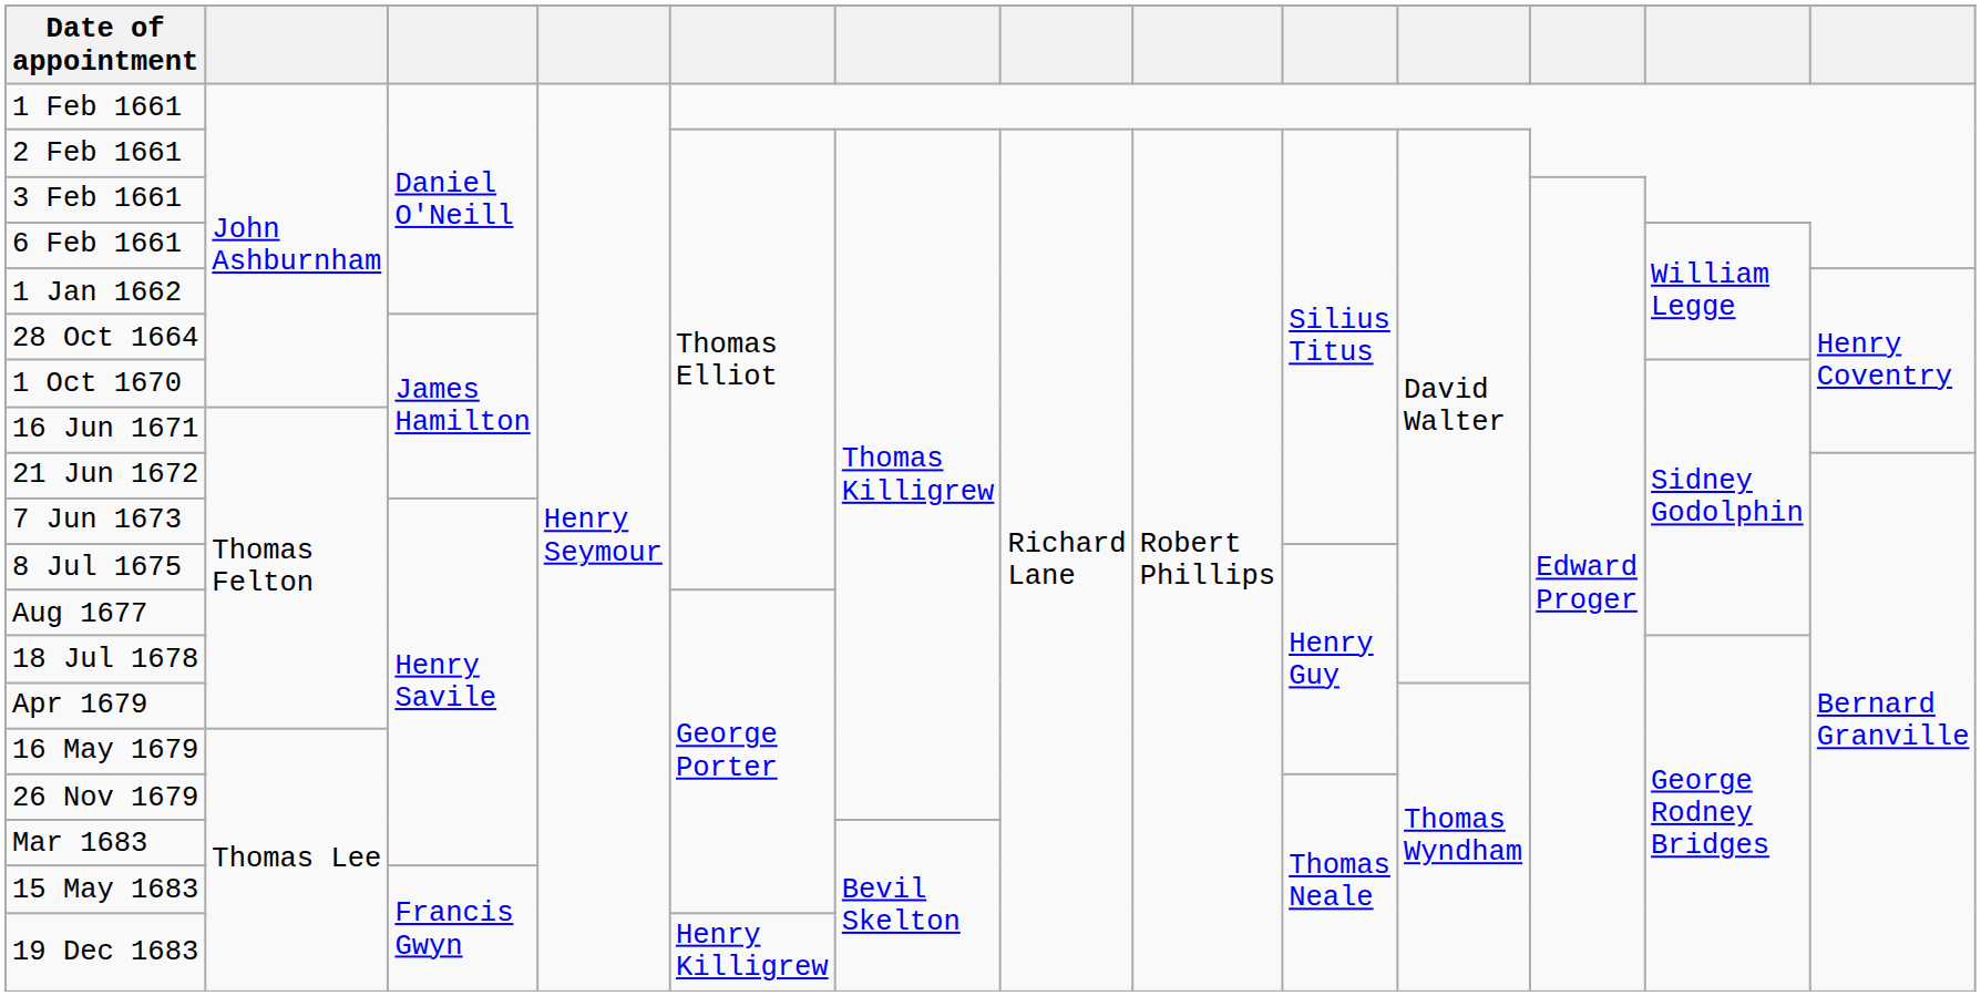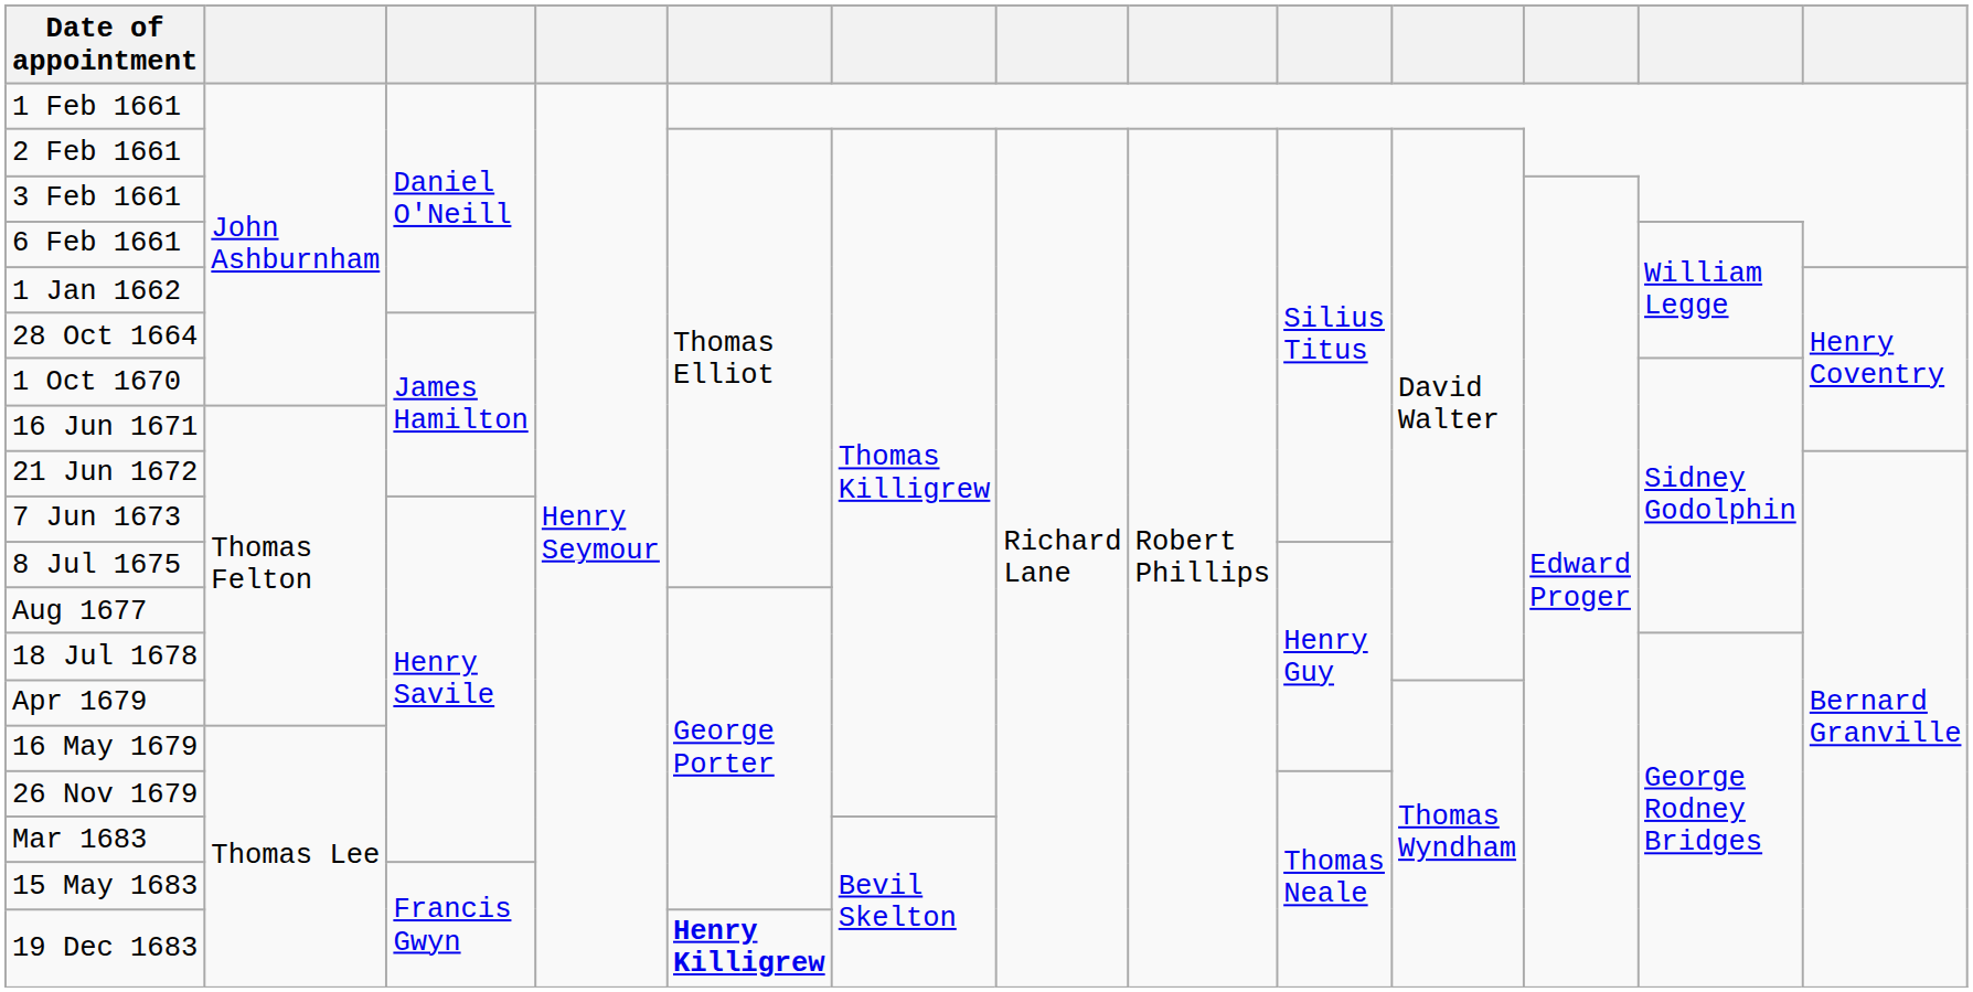 <table class="wikitable">
 <tr>
 <th>Date of appointment</th>
 <th></th>
 <th></th>
 <th></th>
 <th></th>
 <th></th>
 <th></th>
 <th></th>
 <th></th>
 <th></th>
 <th></th>
 <th></th>
 <th></th>
 </tr>
 <tr>
 <td>1 Feb 1661</td>
 <td rowspan=7><a href='#'>John Ashburnham</a></td>
 <td rowspan=5><a href='#'>Daniel O'Neill</a></td>
 <td rowspan=19><a href='#'>Henry Seymour</a></td>
 </tr>
 <tr>
 <td>2 Feb 1661</td>
 <td rowspan=10>Thomas Elliot</td>
 <td rowspan=15><a href='#'>Thomas Killigrew</a></td>
 <td rowspan=18>Richard Lane</td>
 <td rowspan=18>Robert Phillips</td>
 <td rowspan=9><a href='#'>Silius Titus</a></td>
 <td rowspan=12>David Walter</td>
 </tr>
 <tr>
 <td>3 Feb 1661</td>
 <td rowspan=17><a href='#'>Edward Proger</a></td>
 </tr>
 <tr>
 <td>6 Feb 1661</td>
 <td rowspan=3><a href='#'>William Legge</a></td>
 </tr>
 <tr>
 <td>1 Jan 1662</td>
 <td rowspan=4><a href='#'>Henry Coventry</a></td>
 </tr>
 <tr>
 <td>28 Oct 1664</td>
 <td rowspan=4><a href='#'>James Hamilton</a></td>
 </tr>
 <tr>
 <td>1 Oct 1670</td>
 <td rowspan=6><a href='#'>Sidney Godolphin</a></td>
 </tr>
 <tr>
 <td>16 Jun 1671</td>
 <td rowspan=7>Thomas Felton</td>
 </tr>
 <tr>
 <td>21 Jun 1672</td>
 <td rowspan=11><a href='#'>Bernard Granville</a></td>
 </tr>
 <tr>
 <td>7 Jun 1673</td>
 <td rowspan=8><a href='#'>Henry Savile</a></td>
 </tr>
 <tr>
 <td>8 Jul 1675</td>
 <td rowspan=5><a href='#'>Henry Guy</a></td>
 </tr>
 <tr>
 <td>Aug 1677</td>
 <td rowspan=7><a href='#'>George Porter</a></td>
 </tr>
 <tr>
 <td>18 Jul 1678</td>
 <td rowspan=7><a href='#'>George Rodney Bridges</a></td>
 </tr>
 <tr>
 <td>Apr 1679</td>
 <td rowspan=6><a href='#'>Thomas Wyndham</a></td>
 </tr>
 <tr>
 <td>16 May 1679</td>
 <td rowspan=5>Thomas Lee</td>
 </tr>
 <tr>
 <td>26 Nov 1679</td>
 <td rowspan=4><a href='#'>Thomas Neale</a></td>
 </tr>
 <tr>
 <td>Mar 1683</td>
 <td rowspan=3><a href='#'>Bevil Skelton</a></td>
 </tr>
 <tr>
 <td>15 May 1683</td>
 <td rowspan=2><a href='#'>Francis Gwyn</a></td>
 </tr>
 <tr>
 <td>19 Dec 1683</td>
-<td><a href='#'>Henry Killigrew</a></td>
+<td><strong><a href='#'>Henry Killigrew</a></strong></td>
 </tr>
 </table>
